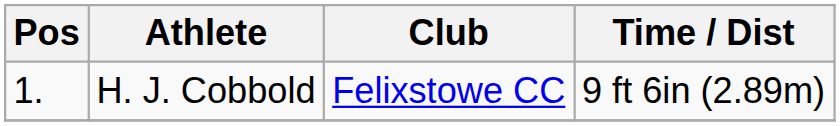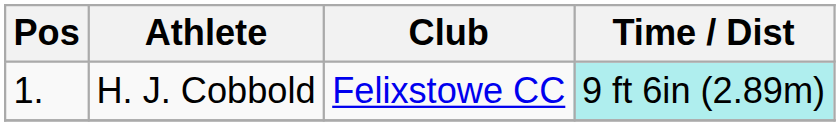 <table class="wikitable">
 <tr>
 <th>Pos</th>
 <th>Athlete</th>
 <th>Club</th>
 <th>Time / Dist</th>
 </tr>
 <tr>
 <td>1.</td>
 <td>H. J. Cobbold</td>
 <td><a href='#'>Felixstowe CC</a></td>
-<td>9 ft 6in (2.89m)</td>
+<td style="background: paleturquoise;">9 ft 6in (2.89m)</td>
 </tr>
 <tr>
 </tr>
 </table>
